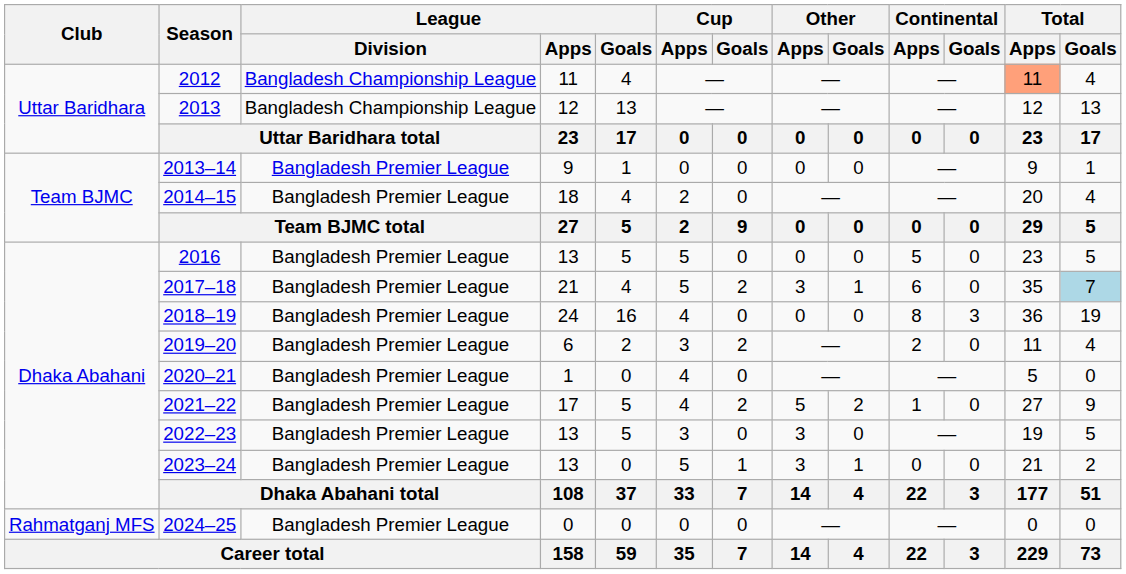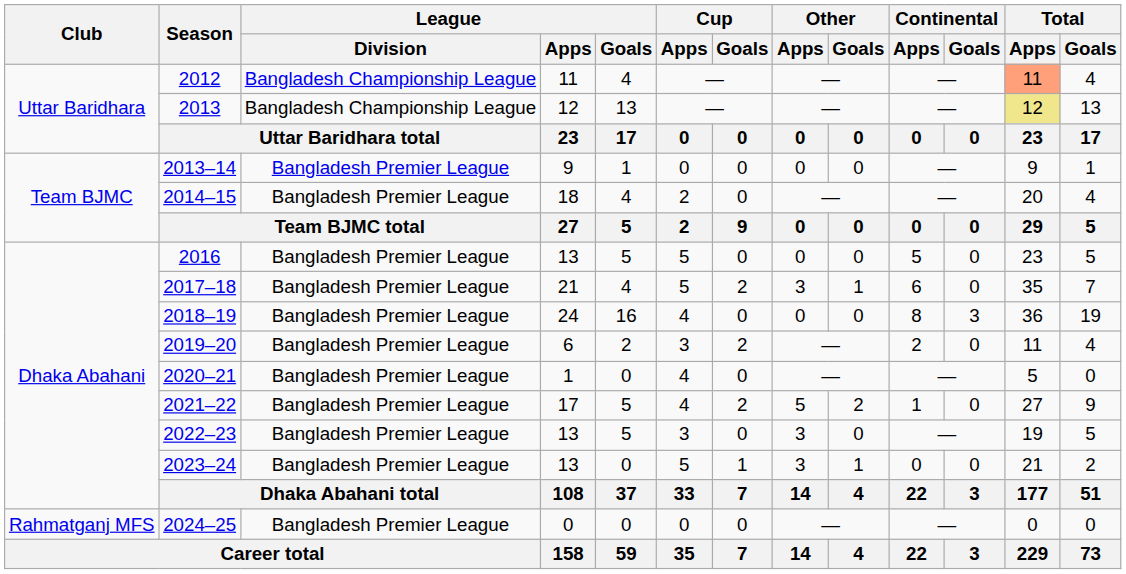 <table class="wikitable" style="text-align: center">
 <tr>
 <th rowspan="2">Club</th>
 <th rowspan="2">Season</th>
 <th colspan="3">League</th>
 <th colspan="2">Cup</th>
 <th colspan="2">Other</th>
 <th colspan="2">Continental</th>
 <th colspan="2">Total</th>
 </tr>
 <tr>
 <th>Division</th>
 <th>Apps</th>
 <th>Goals</th>
 <th>Apps</th>
 <th>Goals</th>
 <th>Apps</th>
 <th>Goals</th>
 <th>Apps</th>
 <th>Goals</th>
 <th>Apps</th>
 <th>Goals</th>
 </tr>
 <tr>
 <td rowspan="3"><a href='#'>Uttar Baridhara</a></td>
 <td><a href='#'>2012</a></td>
 <td><a href='#'>Bangladesh Championship League</a></td>
 <td>11</td>
 <td>4</td>
 <td colspan="2">—</td>
 <td colspan="2">—</td>
 <td colspan="2">—</td>
 <td style="background: lightsalmon;">11</td>
 <td>4</td>
 </tr>
 <tr>
 <td><a href='#'>2013</a></td>
 <td>Bangladesh Championship League</td>
 <td>12</td>
 <td>13</td>
 <td colspan="2">—</td>
 <td colspan="2">—</td>
 <td colspan="2">—</td>
-<td>12</td>
+<td style="background: khaki;">12</td>
 <td>13</td>
 </tr>
 <tr>
 <th colspan="2"><strong>Uttar Baridhara total</strong></th>
 <th>23</th>
 <th>17</th>
 <th>0</th>
 <th>0</th>
 <th>0</th>
 <th>0</th>
 <th>0</th>
 <th>0</th>
 <th>23</th>
 <th>17</th>
 </tr>
 <tr>
 <td rowspan="3"><a href='#'>Team BJMC</a></td>
 <td><a href='#'>2013–14</a></td>
 <td><a href='#'>Bangladesh Premier League</a></td>
 <td>9</td>
 <td>1</td>
 <td>0</td>
 <td>0</td>
 <td>0</td>
 <td>0</td>
 <td colspan="2">—</td>
 <td>9</td>
 <td>1</td>
 </tr>
 <tr>
 <td><a href='#'>2014–15</a></td>
 <td>Bangladesh Premier League</td>
 <td>18</td>
 <td>4</td>
 <td>2</td>
 <td>0</td>
 <td colspan="2">—</td>
 <td colspan="2">—</td>
 <td>20</td>
 <td>4</td>
 </tr>
 <tr>
 <th colspan="2"><strong>Team BJMC total</strong></th>
 <th>27</th>
 <th>5</th>
 <th>2</th>
 <th>9</th>
 <th>0</th>
 <th>0</th>
 <th>0</th>
 <th>0</th>
 <th>29</th>
 <th>5</th>
 </tr>
 <tr>
 <td rowspan="9"><a href='#'>Dhaka Abahani</a></td>
 <td><a href='#'>2016</a></td>
 <td>Bangladesh Premier League</td>
 <td>13</td>
 <td>5</td>
 <td>5</td>
 <td>0</td>
 <td>0</td>
 <td>0</td>
 <td>5</td>
 <td>0</td>
 <td>23</td>
 <td>5</td>
 </tr>
 <tr>
 <td><a href='#'>2017–18</a></td>
 <td>Bangladesh Premier League</td>
 <td>21</td>
 <td>4</td>
 <td>5</td>
 <td>2</td>
 <td>3</td>
 <td>1</td>
 <td>6</td>
 <td>0</td>
 <td>35</td>
-<td style="background: lightblue;">7</td>
+<td>7</td>
 </tr>
 <tr>
 <td><a href='#'>2018–19</a></td>
 <td>Bangladesh Premier League</td>
 <td>24</td>
 <td>16</td>
 <td>4</td>
 <td>0</td>
 <td>0</td>
 <td>0</td>
 <td>8</td>
 <td>3</td>
 <td>36</td>
 <td>19</td>
 </tr>
 <tr>
 <td><a href='#'>2019–20</a></td>
 <td>Bangladesh Premier League</td>
 <td>6</td>
 <td>2</td>
 <td>3</td>
 <td>2</td>
 <td colspan="2">—</td>
 <td>2</td>
 <td>0</td>
 <td>11</td>
 <td>4</td>
 </tr>
 <tr>
 <td><a href='#'>2020–21</a></td>
 <td>Bangladesh Premier League</td>
 <td>1</td>
 <td>0</td>
 <td>4</td>
 <td>0</td>
 <td colspan="2">—</td>
 <td colspan="2">—</td>
 <td>5</td>
 <td>0</td>
 </tr>
 <tr>
 <td><a href='#'>2021–22</a></td>
 <td>Bangladesh Premier League</td>
 <td>17</td>
 <td>5</td>
 <td>4</td>
 <td>2</td>
 <td>5</td>
 <td>2</td>
 <td>1</td>
 <td>0</td>
 <td>27</td>
 <td>9</td>
 </tr>
 <tr>
 <td><a href='#'>2022–23</a></td>
 <td>Bangladesh Premier League</td>
 <td>13</td>
 <td>5</td>
 <td>3</td>
 <td>0</td>
 <td>3</td>
 <td>0</td>
 <td colspan="2">—</td>
 <td>19</td>
 <td>5</td>
 </tr>
 <tr>
 <td><a href='#'>2023–24</a></td>
 <td>Bangladesh Premier League</td>
 <td>13</td>
 <td>0</td>
 <td>5</td>
 <td>1</td>
 <td>3</td>
 <td>1</td>
 <td>0</td>
 <td>0</td>
 <td>21</td>
 <td>2</td>
 </tr>
 <tr>
 <th colspan="2"><strong>Dhaka Abahani total</strong></th>
 <th>108</th>
 <th>37</th>
 <th>33</th>
 <th>7</th>
 <th>14</th>
 <th>4</th>
 <th>22</th>
 <th>3</th>
 <th>177</th>
 <th>51</th>
 </tr>
 <tr>
 <td><a href='#'>Rahmatganj MFS</a></td>
 <td><a href='#'>2024–25</a></td>
 <td>Bangladesh Premier League</td>
 <td>0</td>
 <td>0</td>
 <td>0</td>
 <td>0</td>
 <td colspan="2">—</td>
 <td colspan="2">—</td>
 <td>0</td>
 <td>0</td>
 </tr>
 <tr>
 <th colspan="3"><strong>Career total</strong></th>
 <th>158</th>
 <th>59</th>
 <th>35</th>
 <th>7</th>
 <th>14</th>
 <th>4</th>
 <th>22</th>
 <th>3</th>
 <th>229</th>
 <th>73</th>
 </tr>
 </table>
